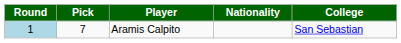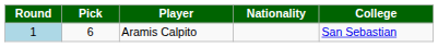 <table class="wikitable sortable sortable">
 <tr>
 <th width="10%" style="background:#006401; color:#FFFFFF; ">Round</th>
 <th width="10%" style="background:#006401; color:#FFFFFF; ">Pick</th>
 <th width="20%" style="background:#006401; color:#FFFFFF; ">Player</th>
 <th width="15%" style="background:#006401; color:#FFFFFF; ">Nationality</th>
 <th width="20%" style="background:#006401; color:#FFFFFF; ">College</th>
 </tr>
 <tr>
 <td align="center" style="background: lightblue;">1</td>
-<td align="center">7</td>
+<td align="center">6</td>
 <td>Aramis Calpito</td>
 <td></td>
 <td><a href='#'>San Sebastian</a></td>
 </tr>
 </table>
